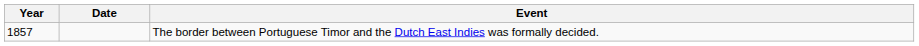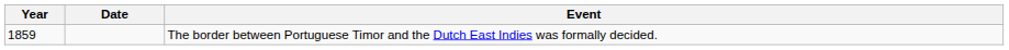 <table class="wikitable" width="100%">
 <tr>
 <th style="width:6%">Year</th>
 <th style="width:10%">Date</th>
 <th>Event</th>
 </tr>
 <tr>
-<td>1857</td>
+<td>1859</td>
 <td></td>
 <td>The border between Portuguese Timor and the <a href='#'>Dutch East Indies</a> was formally decided.</td>
 </tr>
 </table>
